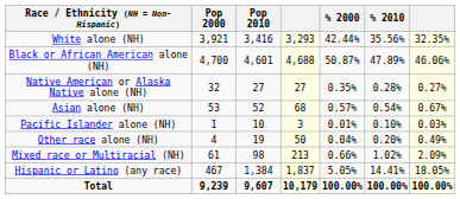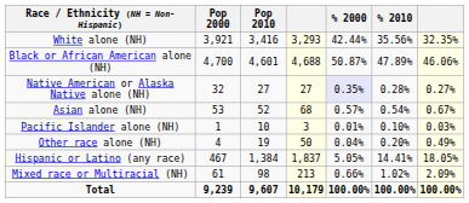 <table class="wikitable" style="text-align:center;">
 <tr>
 <th>Race / Ethnicity <small>(<em>NH = Non-Hispanic</em>)</small></th>
 <th>Pop 2000</th>
 <th>Pop 2010</th>
 <th></th>
 <th>% 2000</th>
 <th>% 2010</th>
 <th></th>
 </tr>
 <tr>
 <td><a href='#'>White</a> alone (NH)</td>
 <td>3,921</td>
 <td>3,416</td>
 <td style='background: #ffffe6;'>3,293</td>
 <td>42.44%</td>
 <td>35.56%</td>
 <td style='background: #ffffe6;'>32.35%</td>
 </tr>
 <tr>
 <td><a href='#'>Black or African American</a> alone (NH)</td>
 <td>4,700</td>
 <td>4,601</td>
 <td style='background: #ffffe6;'>4,688</td>
 <td>50.87%</td>
 <td>47.89%</td>
 <td style='background: #ffffe6;'>46.06%</td>
 </tr>
 <tr>
 <td><a href='#'>Native American</a> or <a href='#'>Alaska Native</a> alone (NH)</td>
 <td>32</td>
 <td>27</td>
 <td style='background: #ffffe6;'>27</td>
-<td>0.35%</td>
+<td style="background: lavender;">0.35%</td>
 <td>0.28%</td>
 <td style='background: #ffffe6;'>0.27%</td>
 </tr>
 <tr>
 <td><a href='#'>Asian</a> alone (NH)</td>
 <td>53</td>
 <td>52</td>
 <td style='background: #ffffe6;'>68</td>
 <td>0.57%</td>
 <td>0.54%</td>
 <td style='background: #ffffe6;'>0.67%</td>
 </tr>
 <tr>
 <td><a href='#'>Pacific Islander</a> alone (NH)</td>
 <td>1</td>
 <td>10</td>
 <td style='background: #ffffe6;'>3</td>
 <td>0.01%</td>
 <td>0.10%</td>
 <td style='background: #ffffe6;'>0.03%</td>
 </tr>
 <tr>
 <td><a href='#'>Other race</a> alone (NH)</td>
 <td>4</td>
 <td>19</td>
 <td style='background: #ffffe6;'>50</td>
 <td>0.04%</td>
 <td>0.20%</td>
 <td style='background: #ffffe6;'>0.49%</td>
 </tr>
 <tr>
+<td><a href='#'>Hispanic or Latino</a> (any race)</td>
+<td>467</td>
+<td>1,384</td>
+<td style='background: #ffffe6;'>1,837</td>
+<td>5.05%</td>
+<td>14.41%</td>
+<td style='background: #ffffe6;'>18.05%</td>
+</tr>
+<tr>
 <td><a href='#'>Mixed race or Multiracial</a> (NH)</td>
 <td>61</td>
 <td>98</td>
 <td style='background: #ffffe6;'>213</td>
 <td>0.66%</td>
 <td>1.02%</td>
 <td style='background: #ffffe6;'>2.09%</td>
-</tr>
-<tr>
-<td><a href='#'>Hispanic or Latino</a> (any race)</td>
-<td>467</td>
-<td>1,384</td>
-<td style='background: #ffffe6;'>1,837</td>
-<td>5.05%</td>
-<td>14.41%</td>
-<td style='background: #ffffe6;'>18.05%</td>
 </tr>
 <tr>
 <td><strong>Total</strong></td>
 <td><strong>9,239</strong></td>
 <td><strong>9,607</strong></td>
 <td style='background: #ffffe6;'><strong>10,179</strong></td>
 <td><strong>100.00%</strong></td>
 <td><strong>100.00%</strong></td>
 <td style='background: #ffffe6;'><strong>100.00%</strong></td>
 </tr>
 </table>
